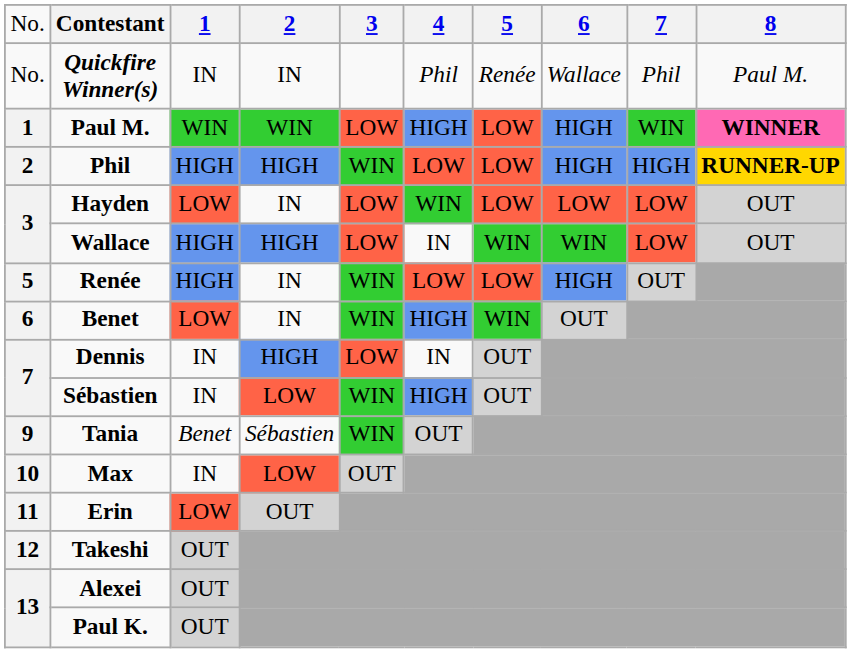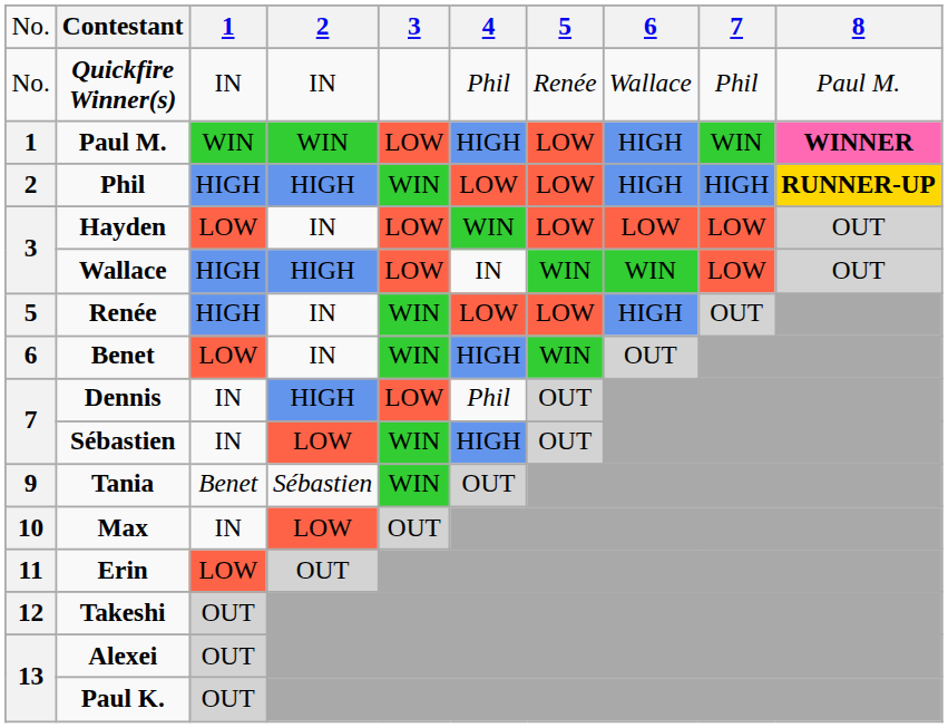 <table class="wikitable" style="text-align:center; align=center; font-size:80%">
 <tr>
 <td>No.</td>
 <th>Contestant</th>
 <th><a href='#'>1</a></th>
 <th><a href='#'>2</a></th>
 <th><a href='#'>3</a></th>
 <th><a href='#'>4</a></th>
 <th><a href='#'>5</a></th>
 <th><a href='#'>6</a></th>
 <th><a href='#'>7</a></th>
 <th><a href='#'>8</a></th>
 </tr>
 <tr>
 <td>No.</td>
 <td><strong><em>Quickfire</em></strong><br><strong><em>Winner(s)</em></strong></td>
 <td>IN</td>
 <td>IN</td>
 <td><em></em></td>
 <td><em>Phil</em></td>
 <td><em>Renée</em></td>
 <td><em>Wallace</em></td>
 <td><em>Phil</em></td>
 <td><em>Paul M.</em></td>
 </tr>
 <tr>
 <th>1</th>
 <td><strong>Paul M.</strong></td>
 <td style="background:limegreen;">WIN</td>
 <td style= "background:limegreen;">WIN</td>
 <td style="background:tomato;">LOW</td>
 <td style="background:cornflowerblue;">HIGH</td>
 <td style="background:tomato;">LOW</td>
 <td style="background:cornflowerblue;">HIGH</td>
 <td style= "background:limegreen;">WIN</td>
 <td style="background:hotpink"><strong>WINNER</strong></td>
 </tr>
 <tr>
 <th>2</th>
 <td><strong>Phil</strong></td>
 <td style="background:cornflowerblue;">HIGH</td>
 <td style="background:cornflowerblue;">HIGH</td>
 <td style= "background:limegreen;">WIN</td>
 <td style="background:tomato;">LOW</td>
 <td style="background:tomato;">LOW</td>
 <td style="background:cornflowerblue;">HIGH</td>
 <td style="background:cornflowerblue;">HIGH</td>
 <td style="background:gold"><strong>RUNNER-UP</strong></td>
 </tr>
 <tr>
 <th rowspan="2">3</th>
 <td><strong>Hayden</strong></td>
 <td style="background:tomato;">LOW</td>
 <td>IN</td>
 <td style="background:tomato;">LOW</td>
 <td style= "background:limegreen;">WIN</td>
 <td style="background:tomato;">LOW</td>
 <td style="background:tomato;">LOW</td>
 <td style="background:tomato;">LOW</td>
 <td style="background:lightgray">OUT</td>
 </tr>
 <tr>
 <td><strong>Wallace</strong></td>
 <td style="background:cornflowerblue;">HIGH</td>
 <td style="background:cornflowerblue;">HIGH</td>
 <td style="background:tomato;">LOW</td>
 <td>IN</td>
 <td style= "background:limegreen;">WIN</td>
 <td style= "background:limegreen;">WIN</td>
 <td style="background:tomato;">LOW</td>
 <td style="background:lightgray;">OUT</td>
 </tr>
 <tr>
 <th>5</th>
 <td><strong>Renée</strong></td>
 <td style="background:cornflowerblue;">HIGH</td>
 <td>IN</td>
 <td style= "background:limegreen;">WIN</td>
 <td style="background:tomato;">LOW</td>
 <td style="background:tomato;">LOW</td>
 <td style="background:cornflowerblue;">HIGH</td>
 <td style="background:lightgray;">OUT</td>
 <td colspan="2" style="background:darkgray"></td>
 </tr>
 <tr>
 <th>6</th>
 <td><strong>Benet</strong></td>
 <td style="background:tomato;">LOW</td>
 <td>IN</td>
 <td style= "background:limegreen;">WIN</td>
 <td style="background:cornflowerblue;">HIGH</td>
 <td style= "background:limegreen;">WIN</td>
 <td style="background:lightgray;">OUT</td>
 <td colspan="2" style="background:darkgray"></td>
 </tr>
 <tr>
 <th rowspan="2">7</th>
 <td><strong>Dennis</strong></td>
 <td>IN</td>
 <td style="background:cornflowerblue;">HIGH</td>
 <td style="background:tomato;">LOW</td>
-<td>IN</td>
+<td><em>Phil</em></td>
 <td style="background:lightgray;">OUT</td>
 <td colspan="3" style="background:darkgray"></td>
 </tr>
 <tr>
 <td><strong>Sébastien</strong></td>
 <td>IN</td>
 <td style="background:tomato;">LOW</td>
 <td style= "background:limegreen;">WIN</td>
 <td style="background:cornflowerblue;">HIGH</td>
 <td style="background:lightgray;">OUT</td>
 <td colspan="3" style="background:darkgray"></td>
 </tr>
 <tr>
 <th>9</th>
 <td><strong>Tania</strong></td>
 <td><em>Benet</em></td>
 <td><em>Sébastien</em></td>
 <td style= "background:limegreen;">WIN</td>
 <td style="background:lightgray;">OUT</td>
 <td colspan="4" style="background:darkgray"></td>
 </tr>
 <tr>
 <th>10</th>
 <td><strong>Max</strong></td>
 <td>IN</td>
 <td style="background:tomato;">LOW</td>
 <td style="background:lightgray;">OUT</td>
 <td colspan="5" style="background:darkgray"></td>
 </tr>
 <tr>
 <th>11</th>
 <td><strong>Erin</strong></td>
 <td style="background:tomato;">LOW</td>
 <td style="background:lightgray;">OUT</td>
 <td colspan="6" style="background:darkgray"></td>
 </tr>
 <tr>
 <th>12</th>
 <td><strong>Takeshi</strong></td>
 <td style="background:lightgray;">OUT</td>
 <td colspan="7" style="background:darkgray"></td>
 </tr>
 <tr>
 <th rowspan="2">13</th>
 <td><strong>Alexei</strong></td>
 <td style="background:lightgray;">OUT</td>
 <td colspan="7" style="background:darkgray"></td>
 </tr>
 <tr>
 <td><strong>Paul K.</strong></td>
 <td style="background:lightgray;">OUT</td>
 <td colspan="7" style="background:darkgray"></td>
 </tr>
 </table>
